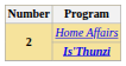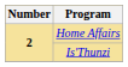 <table class="wikitable" rowspan=2 style="text-align: center; background: #f6e39c">
 <tr>
 <th scope="col" style="width:55px;">Number</th>
 <th scope="col" style="text-align:center;">Program</th>
 </tr>
 <tr>
 <td rowspan="2"><strong>2</strong></td>
 <td><em><a href='#'>Home Affairs</a></em></td>
 </tr>
 <tr>
-<td><strong><em><a href='#'>Is'Thunzi</a></em></strong></td>
+<td><em><a href='#'>Is'Thunzi</a></em></td>
 </tr>
 <tr>
 </tr>
 </table>
